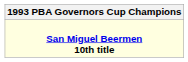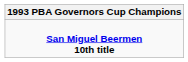 <table class=wikitable style="text-align:center; margin:auto">
 <tr>
 <th>1993 PBA Governors Cup Champions</th>
 </tr>
 <tr>
-<td style="background: lightyellow;"><br> <strong><a href='#'>San Miguel Beermen</a></strong> <br> <strong>10th title</strong></td>
+<td><br> <strong><a href='#'>San Miguel Beermen</a></strong> <br> <strong>10th title</strong></td>
 </tr>
 </table>
